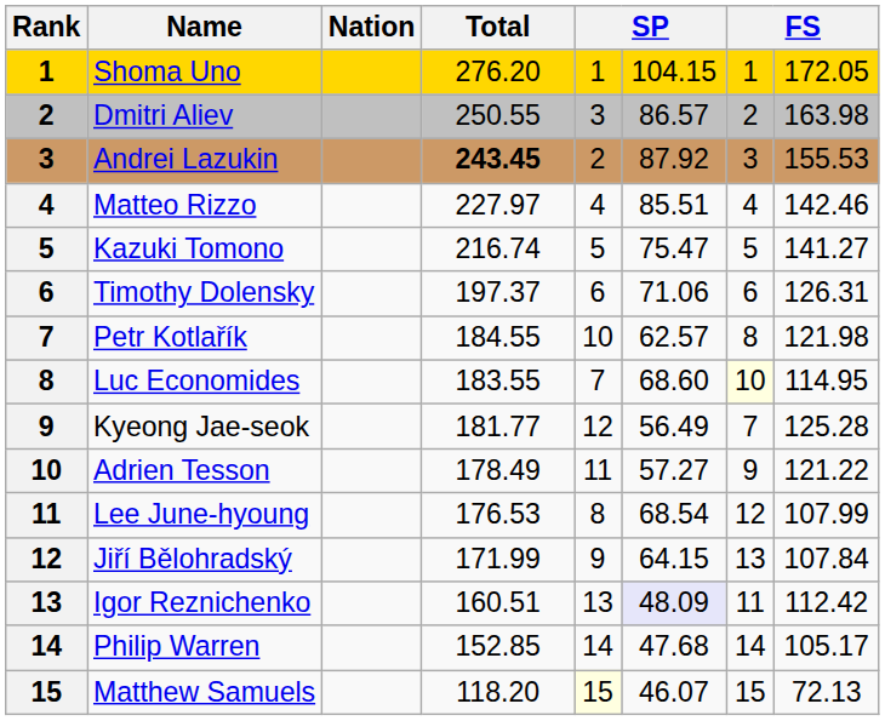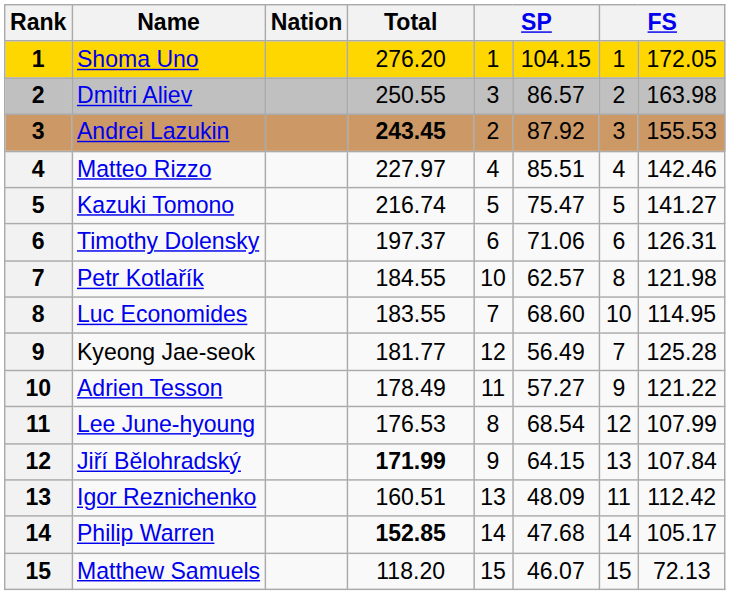 <table class="wikitable sortable">
 <tr>
 <th>Rank</th>
 <th>Name</th>
 <th>Nation</th>
 <th width="80px">Total</th>
 <th colspan="2" width="80px"><a href='#'>SP</a></th>
 <th colspan="2" width="80px"><a href='#'>FS</a></th>
 </tr>
 <tr bgcolor="gold">
 <td align="center"><strong>1</strong></td>
 <td><a href='#'>Shoma Uno</a></td>
 <td></td>
 <td align="center">276.20</td>
 <td align="center">1</td>
 <td align="center">104.15</td>
 <td align="center">1</td>
 <td align="center">172.05</td>
 </tr>
 <tr bgcolor="silver">
 <td align="center"><strong>2</strong></td>
 <td><a href='#'>Dmitri Aliev</a></td>
 <td></td>
 <td align="center">250.55</td>
 <td align="center">3</td>
 <td align="center">86.57</td>
 <td align="center">2</td>
 <td align="center">163.98</td>
 </tr>
 <tr bgcolor="cc9966">
 <td align="center"><strong>3</strong></td>
 <td><a href='#'>Andrei Lazukin</a></td>
 <td></td>
 <td align="center"><strong>243.45</strong></td>
 <td align="center">2</td>
 <td align="center">87.92</td>
 <td align="center">3</td>
 <td align="center">155.53</td>
 </tr>
 <tr>
 <th>4</th>
 <td><a href='#'>Matteo Rizzo</a></td>
 <td></td>
 <td align="center">227.97</td>
 <td align="center">4</td>
 <td align="center">85.51</td>
 <td align="center">4</td>
 <td align="center">142.46</td>
 </tr>
 <tr>
 <th>5</th>
 <td><a href='#'>Kazuki Tomono</a></td>
 <td></td>
 <td align="center">216.74</td>
 <td align="center">5</td>
 <td align="center">75.47</td>
 <td align="center">5</td>
 <td align="center">141.27</td>
 </tr>
 <tr>
 <th>6</th>
 <td><a href='#'>Timothy Dolensky</a></td>
 <td></td>
 <td align="center">197.37</td>
 <td align="center">6</td>
 <td align="center">71.06</td>
 <td align="center">6</td>
 <td align="center">126.31</td>
 </tr>
 <tr>
 <th>7</th>
 <td><a href='#'>Petr Kotlařík</a></td>
 <td></td>
 <td align="center">184.55</td>
 <td align="center">10</td>
 <td align="center">62.57</td>
 <td align="center">8</td>
 <td align="center">121.98</td>
 </tr>
 <tr>
 <th>8</th>
 <td><a href='#'>Luc Economides</a></td>
 <td></td>
 <td align="center">183.55</td>
 <td align="center">7</td>
 <td align="center">68.60</td>
-<td align="center" style="background: lightyellow;">10</td>
+<td align="center">10</td>
 <td align="center">114.95</td>
 </tr>
 <tr>
 <th>9</th>
 <td>Kyeong Jae-seok</td>
 <td></td>
 <td align="center">181.77</td>
 <td align="center">12</td>
 <td align="center">56.49</td>
 <td align="center">7</td>
 <td align="center">125.28</td>
 </tr>
 <tr>
 <th>10</th>
 <td><a href='#'>Adrien Tesson</a></td>
 <td></td>
 <td align="center">178.49</td>
 <td align="center">11</td>
 <td align="center">57.27</td>
 <td align="center">9</td>
 <td align="center">121.22</td>
 </tr>
 <tr>
 <th>11</th>
 <td><a href='#'>Lee June-hyoung</a></td>
 <td></td>
 <td align="center">176.53</td>
 <td align="center">8</td>
 <td align="center">68.54</td>
 <td align="center">12</td>
 <td align="center">107.99</td>
 </tr>
 <tr>
 <th>12</th>
 <td><a href='#'>Jiří Bělohradský</a></td>
 <td></td>
-<td align="center">171.99</td>
+<td align="center"><strong>171.99</strong></td>
 <td align="center">9</td>
 <td align="center">64.15</td>
 <td align="center">13</td>
 <td align="center">107.84</td>
 </tr>
 <tr>
 <th>13</th>
 <td><a href='#'>Igor Reznichenko</a></td>
 <td></td>
 <td align="center">160.51</td>
 <td align="center">13</td>
-<td align="center" style="background: lavender;">48.09</td>
+<td align="center">48.09</td>
 <td align="center">11</td>
 <td align="center">112.42</td>
 </tr>
 <tr>
 <th>14</th>
 <td><a href='#'>Philip Warren</a></td>
 <td></td>
-<td align="center">152.85</td>
+<td align="center"><strong>152.85</strong></td>
 <td align="center">14</td>
 <td align="center">47.68</td>
 <td align="center">14</td>
 <td align="center">105.17</td>
 </tr>
 <tr>
 <th>15</th>
 <td><a href='#'>Matthew Samuels</a></td>
 <td></td>
 <td align="center">118.20</td>
-<td align="center" style="background: lightyellow;">15</td>
+<td align="center">15</td>
 <td align="center">46.07</td>
 <td align="center">15</td>
 <td align="center">72.13</td>
 </tr>
 </table>
